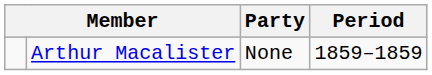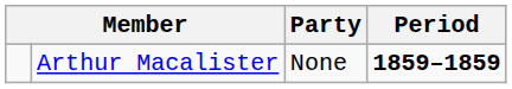 <table class="wikitable">
 <tr>
 <th colspan="2">Member</th>
 <th>Party</th>
 <th>Period</th>
 </tr>
 <tr>
 <td> </td>
 <td><a href='#'>Arthur Macalister</a></td>
 <td>None</td>
-<td>1859–1859</td>
+<td><strong>1859–1859</strong></td>
 </tr>
 </table>
